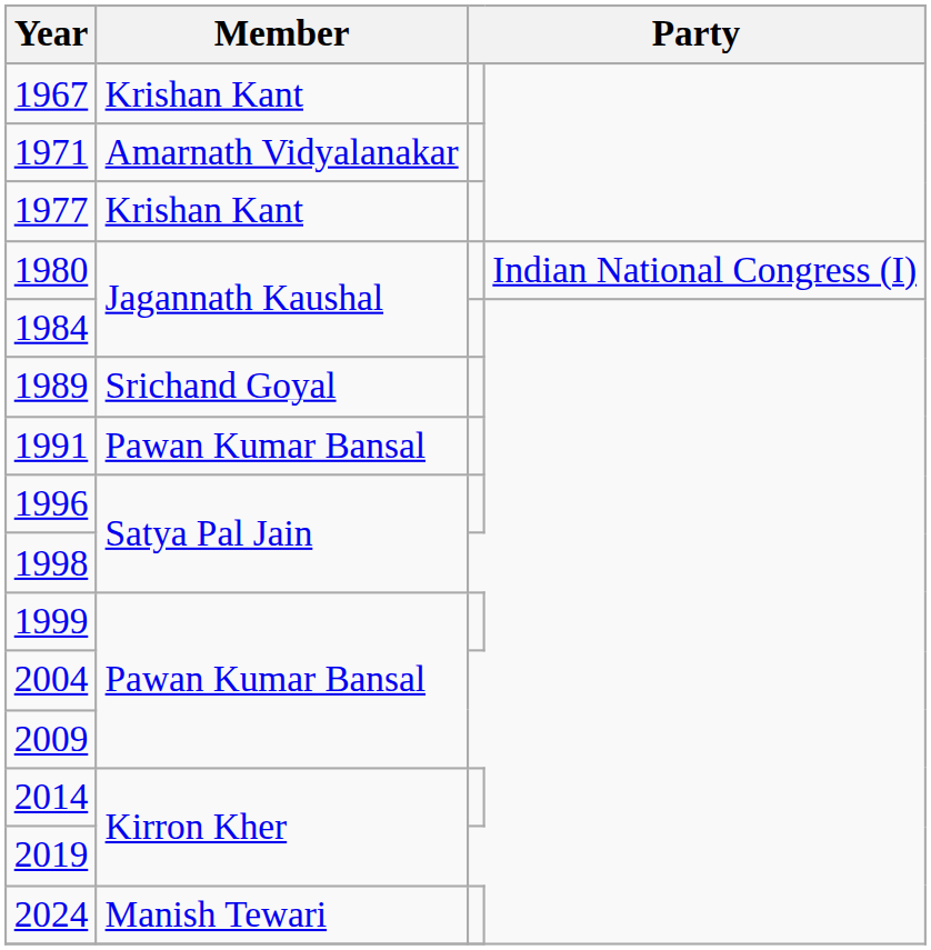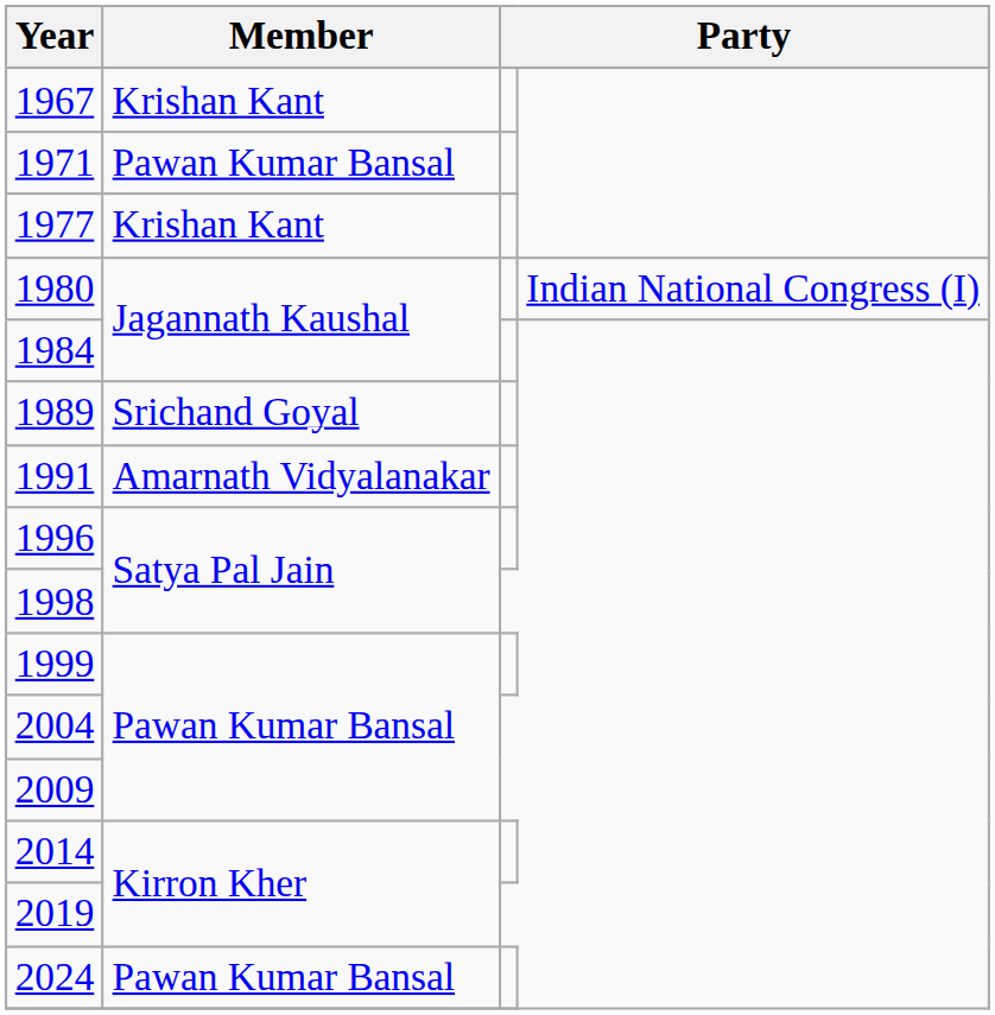 <table class="wikitable">
 <tr>
 <th>Year</th>
 <th>Member</th>
 <th colspan="2">Party</th>
 </tr>
 <tr>
 <td><a href='#'>1967</a></td>
 <td><a href='#'>Krishan Kant</a></td>
 <td></td>
 </tr>
 <tr>
 <td><a href='#'>1971</a></td>
-<td><a href='#'>Amarnath Vidyalanakar</a></td>
+<td><a href='#'>Pawan Kumar Bansal</a></td>
 <td></td>
 </tr>
 <tr>
 <td><a href='#'>1977</a></td>
 <td><a href='#'>Krishan Kant</a></td>
 <td></td>
 </tr>
 <tr>
 <td><a href='#'>1980</a></td>
 <td rowspan="2"><a href='#'>Jagannath Kaushal</a></td>
 <td style="background-color: "></td>
 <td><a href='#'>Indian National Congress (I)</a></td>
 </tr>
 <tr>
 <td><a href='#'>1984</a></td>
 <td></td>
 </tr>
 <tr>
 <td><a href='#'>1989</a></td>
 <td><a href='#'>Srichand Goyal</a></td>
 <td></td>
 </tr>
 <tr>
 <td><a href='#'>1991</a></td>
-<td><a href='#'>Pawan Kumar Bansal</a></td>
+<td><a href='#'>Amarnath Vidyalanakar</a></td>
 <td></td>
 </tr>
 <tr>
 <td><a href='#'>1996</a></td>
 <td rowspan="2"><a href='#'>Satya Pal Jain</a></td>
 <td></td>
 </tr>
 <tr>
 <td><a href='#'>1998</a></td>
 </tr>
 <tr>
 <td><a href='#'>1999</a></td>
 <td rowspan="3"><a href='#'>Pawan Kumar Bansal</a></td>
 <td></td>
 </tr>
 <tr>
 <td><a href='#'>2004</a></td>
 </tr>
 <tr>
 <td><a href='#'>2009</a></td>
 </tr>
 <tr>
 <td><a href='#'>2014</a></td>
 <td rowspan="2"><a href='#'>Kirron Kher</a></td>
 <td></td>
 </tr>
 <tr>
 <td><a href='#'>2019</a></td>
 </tr>
 <tr>
 <td><a href='#'>2024</a></td>
-<td><a href='#'>Manish Tewari</a></td>
+<td><a href='#'>Pawan Kumar Bansal</a></td>
 <td></td>
 </tr>
 <tr>
 </tr>
 </table>
